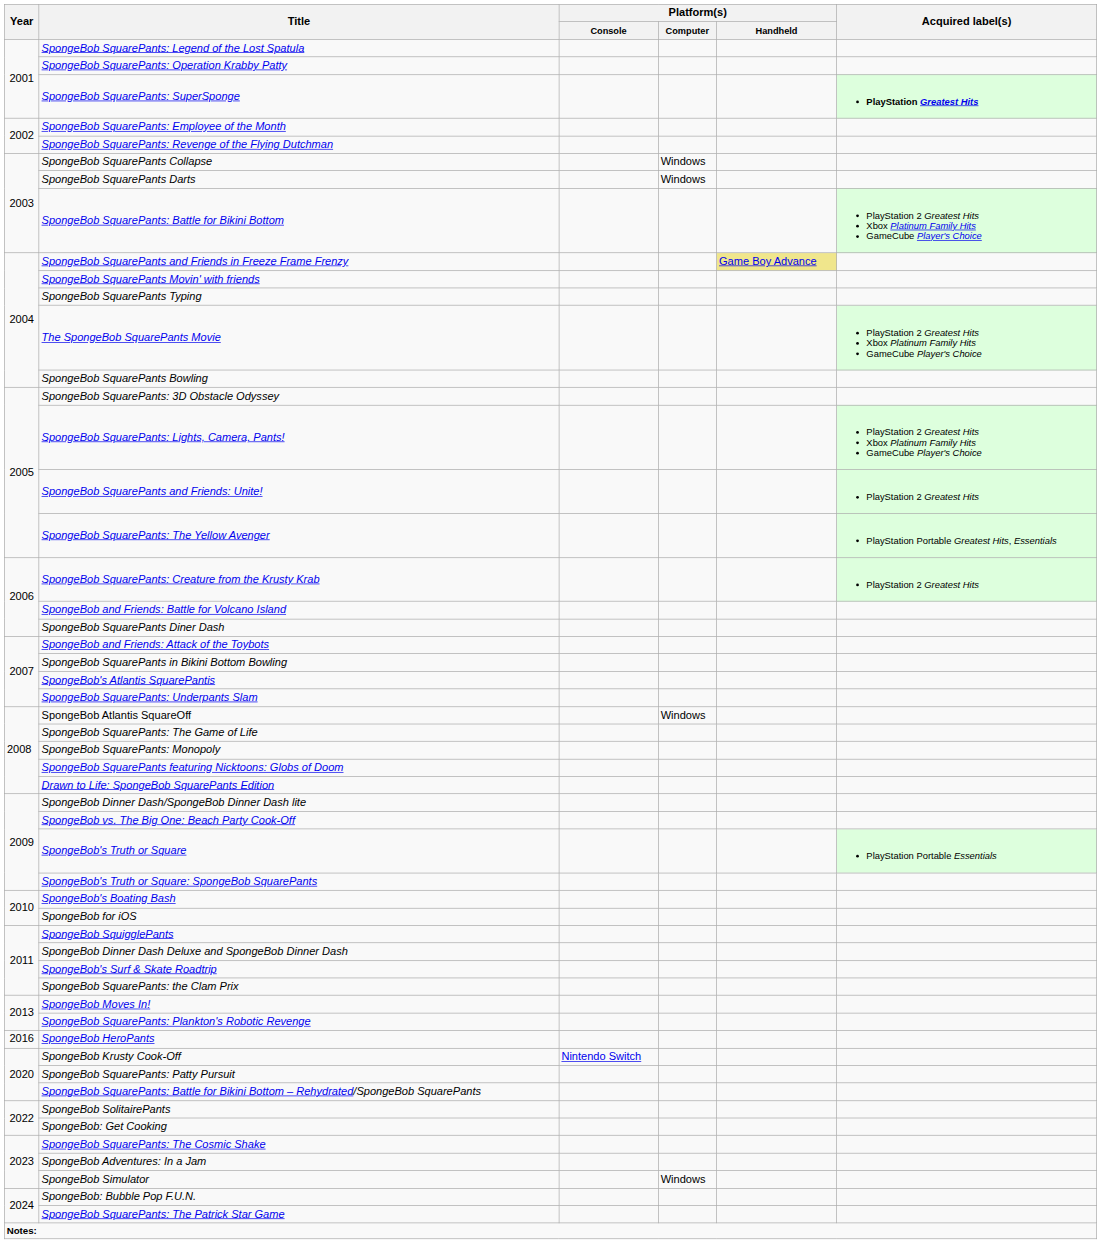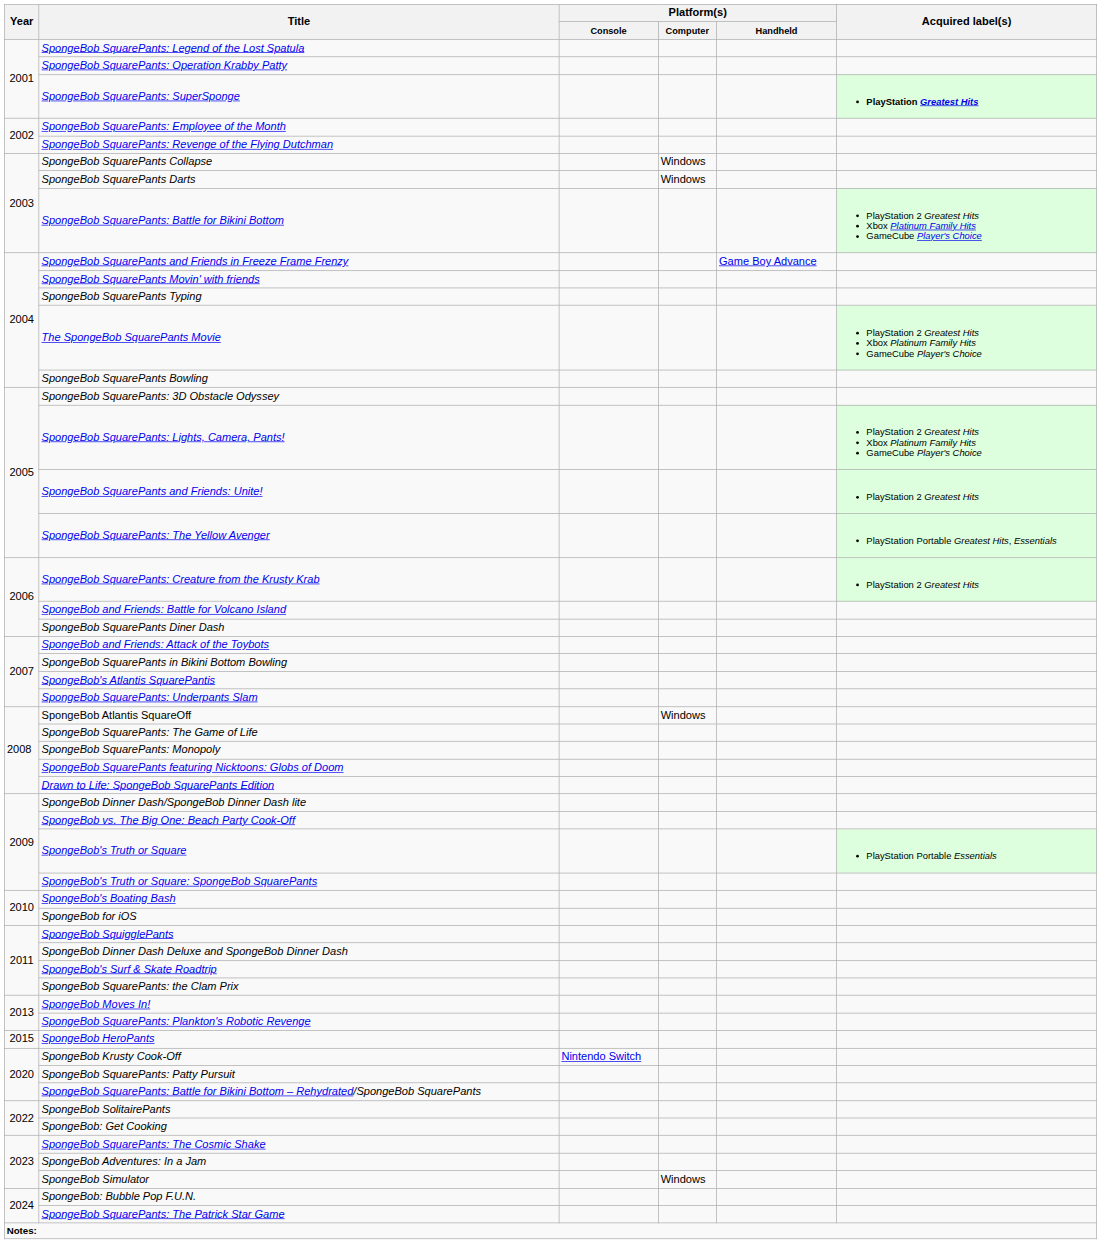 <table class="wikitable" style="width:100%;">
 <tr>
 <th rowspan="2">Year</th>
 <th rowspan="2">Title</th>
 <th colspan="3">Platform(s)</th>
 <th rowspan="2">Acquired label(s)</th>
 </tr>
 <tr style="text-align:center;">
 <th><small>Console</small></th>
 <th><small>Computer</small></th>
 <th><small>Handheld</small></th>
 </tr>
 <tr>
 <td rowspan="3" style="text-align:center;">2001</td>
 <td><em><a href='#'>SpongeBob SquarePants: Legend of the Lost Spatula</a></em></td>
 <td></td>
 <td></td>
 <td></td>
 <td></td>
 </tr>
 <tr>
 <td><em><a href='#'>SpongeBob SquarePants: Operation Krabby Patty</a></em></td>
 <td></td>
 <td></td>
 <td></td>
 <td></td>
 </tr>
 <tr>
 <td><em><a href='#'>SpongeBob SquarePants: SuperSponge</a></em></td>
 <td></td>
 <td></td>
 <td></td>
 <td style="background:#dfd; font-size:85%;"><strong><br><ul><li>PlayStation <em><a href='#'>Greatest Hits</a></em></li></ul></strong></td>
 </tr>
 <tr>
 <td rowspan="2" style="text-align:center;">2002</td>
 <td><em><a href='#'>SpongeBob SquarePants: Employee of the Month</a></em></td>
 <td></td>
 <td></td>
 <td></td>
 <td></td>
 </tr>
 <tr>
 <td><em><a href='#'>SpongeBob SquarePants: Revenge of the Flying Dutchman</a></em></td>
 <td></td>
 <td></td>
 <td></td>
 <td></td>
 </tr>
 <tr>
 <td rowspan="3" style="text-align:center;">2003</td>
 <td><em>SpongeBob SquarePants Collapse</em></td>
 <td></td>
 <td>Windows</td>
 <td></td>
 <td></td>
 </tr>
 <tr>
 <td><em>SpongeBob SquarePants Darts</em></td>
 <td></td>
 <td>Windows</td>
 <td></td>
 <td></td>
 </tr>
 <tr>
 <td><em><a href='#'>SpongeBob SquarePants: Battle for Bikini Bottom</a></em></td>
 <td></td>
 <td></td>
 <td></td>
 <td style="background:#dfd; font-size:85%;"><br><ul><li>PlayStation 2 <em>Greatest Hits</em></li><li>Xbox <em><a href='#'>Platinum Family Hits</a></em></li><li>GameCube <em><a href='#'>Player's Choice</a></em></li></ul></td>
 </tr>
 <tr>
 <td rowspan="5" style="text-align:center;">2004</td>
 <td><em><a href='#'>SpongeBob SquarePants and Friends in Freeze Frame Frenzy</a></em></td>
 <td></td>
 <td></td>
-<td style="background: khaki;"><a href='#'>Game Boy Advance</a></td>
+<td><a href='#'>Game Boy Advance</a></td>
 <td></td>
 </tr>
 <tr>
 <td><em><a href='#'>SpongeBob SquarePants Movin' with friends</a></em></td>
 <td></td>
 <td></td>
 <td></td>
 <td></td>
 </tr>
 <tr>
 <td><em>SpongeBob SquarePants Typing</em></td>
 <td></td>
 <td></td>
 <td></td>
 <td></td>
 </tr>
 <tr>
 <td><em><a href='#'>The SpongeBob SquarePants Movie</a></em></td>
 <td></td>
 <td></td>
 <td></td>
 <td style="background:#dfd; font-size:85%;"><br><ul><li>PlayStation 2 <em>Greatest Hits</em></li><li>Xbox <em>Platinum Family Hits</em></li><li>GameCube <em>Player's Choice</em></li></ul></td>
 </tr>
 <tr>
 <td><em>SpongeBob SquarePants Bowling</em></td>
 <td></td>
 <td></td>
 <td></td>
 <td></td>
 </tr>
 <tr>
 <td rowspan="4" style="text-align:center;">2005</td>
 <td><em>SpongeBob SquarePants: 3D Obstacle Odyssey</em></td>
 <td></td>
 <td></td>
 <td></td>
 <td></td>
 </tr>
 <tr>
 <td><em><a href='#'>SpongeBob SquarePants: Lights, Camera, Pants!</a></em></td>
 <td></td>
 <td></td>
 <td></td>
 <td style="background:#dfd; font-size:85%;"><br><ul><li>PlayStation 2 <em>Greatest Hits</em></li><li>Xbox <em>Platinum Family Hits</em></li><li>GameCube <em>Player's Choice</em></li></ul></td>
 </tr>
 <tr>
 <td><em><a href='#'>SpongeBob SquarePants and Friends: Unite!</a></em></td>
 <td></td>
 <td></td>
 <td></td>
 <td style="background:#dfd; font-size:85%;"><br><ul><li>PlayStation 2 <em>Greatest Hits</em></li></ul></td>
 </tr>
 <tr>
 <td><em><a href='#'>SpongeBob SquarePants: The Yellow Avenger</a></em></td>
 <td></td>
 <td></td>
 <td></td>
 <td style="background:#dfd; font-size:85%;"><br><ul><li>PlayStation Portable <em>Greatest Hits</em>, <em>Essentials</em></li></ul></td>
 </tr>
 <tr>
 <td rowspan="3" style="text-align:center;">2006</td>
 <td><em><a href='#'>SpongeBob SquarePants: Creature from the Krusty Krab</a></em></td>
 <td></td>
 <td></td>
 <td></td>
 <td style="background:#dfd; font-size:85%;"><br><ul><li>PlayStation 2 <em>Greatest Hits</em></li></ul></td>
 </tr>
 <tr>
 <td><em><a href='#'>SpongeBob and Friends: Battle for Volcano Island</a></em></td>
 <td></td>
 <td></td>
 <td></td>
 <td></td>
 </tr>
 <tr>
 <td><em>SpongeBob SquarePants Diner Dash</em></td>
 <td></td>
 <td></td>
 <td></td>
 <td></td>
 </tr>
 <tr>
 <td rowspan="4" style="text-align:center;">2007</td>
 <td><em><a href='#'>SpongeBob and Friends: Attack of the Toybots</a></em></td>
 <td></td>
 <td></td>
 <td></td>
 <td></td>
 </tr>
 <tr>
 <td><em>SpongeBob SquarePants in Bikini Bottom Bowling</em></td>
 <td></td>
 <td></td>
 <td></td>
 <td></td>
 </tr>
 <tr>
 <td><em><a href='#'>SpongeBob's Atlantis SquarePantis</a></em></td>
 <td></td>
 <td></td>
 <td></td>
 <td></td>
 </tr>
 <tr>
 <td><em><a href='#'>SpongeBob SquarePants: Underpants Slam</a></em></td>
 <td></td>
 <td></td>
 <td></td>
 <td></td>
 </tr>
 <tr>
 <td rowspan="5">2008</td>
 <td>SpongeBob Atlantis SquareOff</td>
 <td></td>
 <td>Windows</td>
 <td></td>
 <td></td>
 </tr>
 <tr>
 <td><em>SpongeBob SquarePants: The Game of Life</em></td>
 <td></td>
 <td></td>
 <td></td>
 <td></td>
 </tr>
 <tr>
 <td><em>SpongeBob SquarePants: Monopoly</em></td>
 <td></td>
 <td></td>
 <td></td>
 <td></td>
 </tr>
 <tr>
 <td><em><a href='#'>SpongeBob SquarePants featuring Nicktoons: Globs of Doom</a></em></td>
 <td></td>
 <td></td>
 <td></td>
 <td></td>
 </tr>
 <tr>
 <td><em><a href='#'>Drawn to Life: SpongeBob SquarePants Edition</a></em></td>
 <td></td>
 <td></td>
 <td></td>
 <td></td>
 </tr>
 <tr>
 <td rowspan="4" style="text-align:center;">2009</td>
 <td><em>SpongeBob Dinner Dash/SpongeBob Dinner Dash lite</em></td>
 <td></td>
 <td></td>
 <td></td>
 <td></td>
 </tr>
 <tr>
 <td><em><a href='#'>SpongeBob vs. The Big One: Beach Party Cook-Off</a></em></td>
 <td></td>
 <td></td>
 <td></td>
 <td></td>
 </tr>
 <tr>
 <td><em><a href='#'>SpongeBob's Truth or Square</a></em></td>
 <td></td>
 <td></td>
 <td></td>
 <td style="background:#dfd; font-size:85%;"><br><ul><li>PlayStation Portable <em>Essentials</em></li></ul></td>
 </tr>
 <tr>
 <td><em><a href='#'>SpongeBob's Truth or Square: SpongeBob SquarePants</a></em></td>
 <td></td>
 <td></td>
 <td></td>
 <td></td>
 </tr>
 <tr>
 <td rowspan="2" style="text-align:center;">2010</td>
 <td><em><a href='#'>SpongeBob's Boating Bash</a></em></td>
 <td></td>
 <td></td>
 <td></td>
 <td></td>
 </tr>
 <tr>
 <td><em>SpongeBob for iOS</em></td>
 <td></td>
 <td></td>
 <td></td>
 <td></td>
 </tr>
 <tr>
 <td rowspan="4" style="text-align:center;">2011</td>
 <td><em><a href='#'>SpongeBob SquigglePants</a></em></td>
 <td></td>
 <td></td>
 <td></td>
 <td></td>
 </tr>
 <tr>
 <td><em>SpongeBob Dinner Dash Deluxe and SpongeBob Dinner Dash</em></td>
 <td></td>
 <td></td>
 <td></td>
 <td></td>
 </tr>
 <tr>
 <td><em><a href='#'>SpongeBob's Surf & Skate Roadtrip</a></em></td>
 <td></td>
 <td></td>
 <td></td>
 <td></td>
 </tr>
 <tr>
 <td><em>SpongeBob SquarePants: the Clam Prix</em></td>
 <td></td>
 <td></td>
 <td></td>
 <td></td>
 </tr>
 <tr>
 <td rowspan="2" style="text-align:center;">2013</td>
 <td><em><a href='#'>SpongeBob Moves In!</a></em></td>
 <td></td>
 <td></td>
 <td></td>
 <td></td>
 </tr>
 <tr>
 <td><em><a href='#'>SpongeBob SquarePants: Plankton's Robotic Revenge</a></em></td>
 <td></td>
 <td></td>
 <td></td>
 <td></td>
 </tr>
 <tr>
-<td style="text-align:center;">2016</td>
+<td style="text-align:center;">2015</td>
 <td><em><a href='#'>SpongeBob HeroPants</a></em></td>
 <td></td>
 <td></td>
 <td></td>
 <td></td>
 </tr>
 <tr>
 <td rowspan="3" style="text-align:center;">2020</td>
 <td><em>SpongeBob Krusty Cook-Off</em></td>
 <td><a href='#'>Nintendo Switch</a></td>
 <td></td>
 <td></td>
 <td></td>
 </tr>
 <tr>
 <td><em>SpongeBob SquarePants: Patty Pursuit</em> </td>
 <td></td>
 <td></td>
 <td></td>
 <td></td>
 </tr>
 <tr>
 <td><em><a href='#'>SpongeBob SquarePants: Battle for Bikini Bottom – Rehydrated</a>/SpongeBob SquarePants</em></td>
 <td></td>
 <td></td>
 <td></td>
 <td></td>
 </tr>
 <tr>
 <td rowspan="2" style="text-align:center;">2022</td>
 <td><em>SpongeBob SolitairePants</em></td>
 <td></td>
 <td></td>
 <td></td>
 <td></td>
 </tr>
 <tr>
 <td><em>SpongeBob: Get Cooking</em></td>
 <td></td>
 <td></td>
 <td></td>
 <td></td>
 </tr>
 <tr>
 <td rowspan="3" style="text-align:center;">2023</td>
 <td><em><a href='#'>SpongeBob SquarePants: The Cosmic Shake</a></em></td>
 <td></td>
 <td></td>
 <td></td>
 <td></td>
 </tr>
 <tr>
 <td><em>SpongeBob Adventures: In a Jam</em></td>
 <td></td>
 <td></td>
 <td></td>
 <td></td>
 </tr>
 <tr>
 <td><em>SpongeBob Simulator</em></td>
 <td></td>
 <td>Windows</td>
 <td></td>
 <td></td>
 </tr>
 <tr>
 <td rowspan="2" style="text-align:center;">2024</td>
 <td><em>SpongeBob: Bubble Pop F.U.N.</em></td>
 <td></td>
 <td></td>
 <td></td>
 <td></td>
 </tr>
 <tr>
 <td><em><a href='#'>SpongeBob SquarePants: The Patrick Star Game</a></em></td>
 <td></td>
 <td></td>
 <td></td>
 <td></td>
 </tr>
 <tr>
 <td colspan="6" style="font-size:88%"><strong>Notes:</strong><br></td>
 </tr>
 </table>
